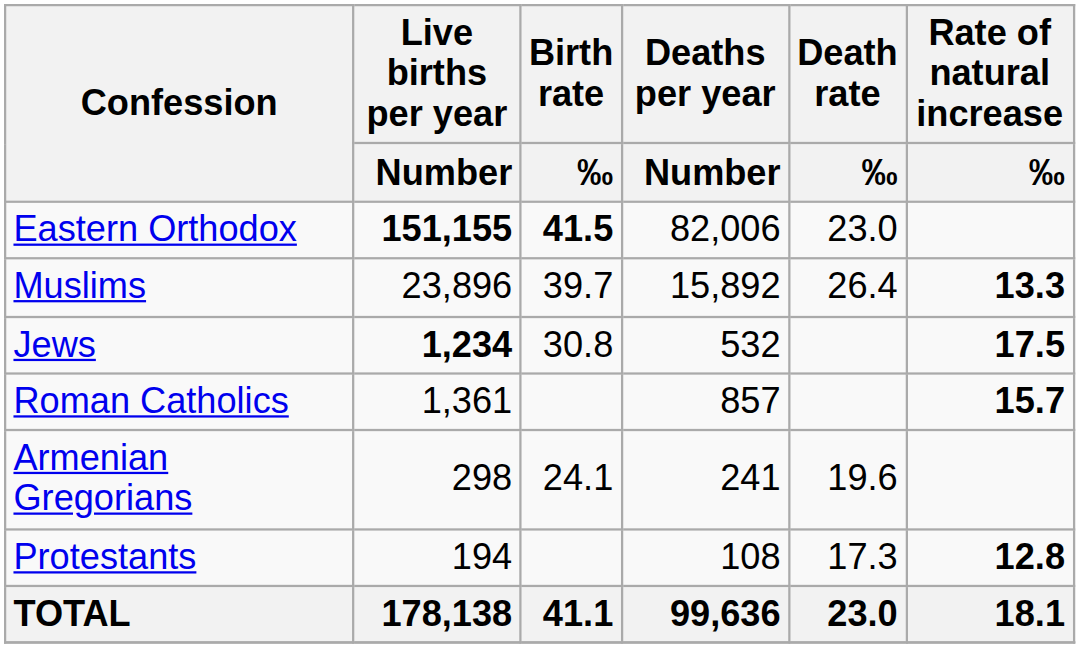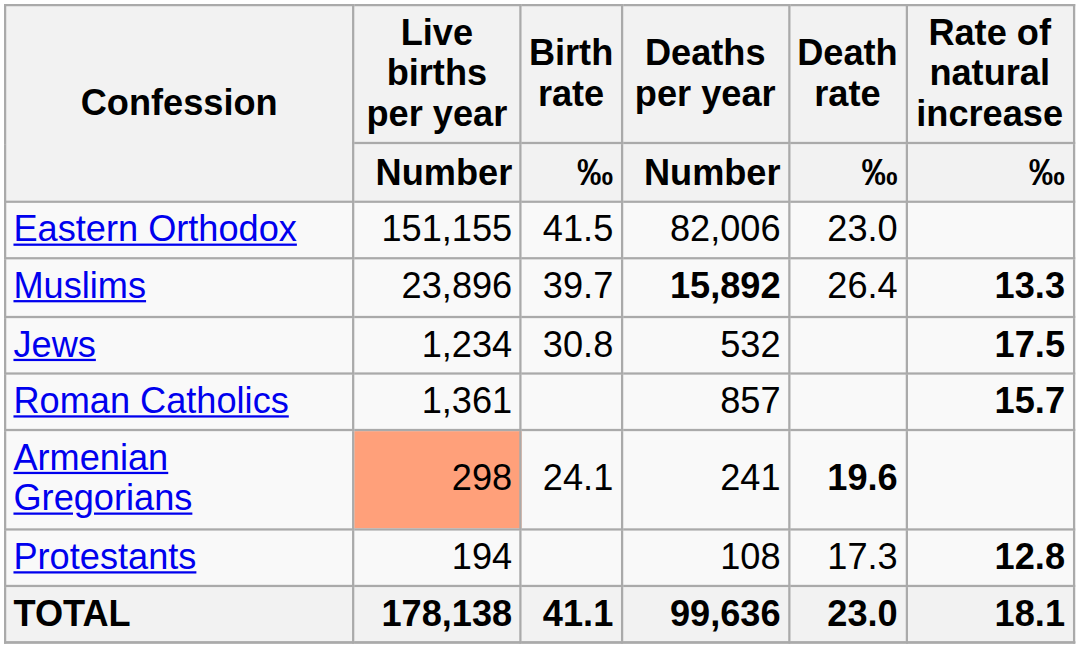 <table class="wikitable sortable static-row-numbers">
 <tr>
 <th style="width:110pt;" rowspan="2">Confession</th>
 <th style="width:50pt;"><span>Live births per year</span></th>
 <th style="width:25pt;"><span>Birth rate</span></th>
 <th style="width:50pt;"><span>Deaths per year</span></th>
 <th style="width:25pt;"><span>Death rate</span></th>
 <th style="width:50pt;"><span>Rate of natural increase</span></th>
 </tr>
 <tr class="static-row-header">
 <th style="text-align: right;"><span>Number</span></th>
 <th style="text-align: right;"><span>‰</span></th>
 <th style="text-align: right;"><span>Number</span></th>
 <th style="text-align: right;"><span>‰</span></th>
 <th style="text-align: right;"><span>‰</span></th>
 </tr>
 <tr>
 <td><a href='#'>Eastern Orthodox</a></td>
-<td style="text-align: right;"><strong><span>151,155</span></strong></td>
-<td style="text-align: right;"><strong><span>41.5</span></strong></td>
+<td style="text-align: right;"><span>151,155</span></td>
+<td style="text-align: right;"><span>41.5</span></td>
 <td style="text-align: right;"><span>82,006</span></td>
 <td style="text-align: right;"><span>23.0</span></td>
 <td style="text-align: right;"><span><strong></strong></span></td>
 </tr>
 <tr>
 <td><a href='#'>Muslims</a></td>
 <td style="text-align: right;"><span>23,896</span></td>
 <td style="text-align: right;"><span>39.7</span></td>
-<td style="text-align: right;"><span>15,892</span></td>
+<td style="text-align: right;"><strong><span>15,892</span></strong></td>
 <td style="text-align: right;"><span>26.4</span></td>
 <td style="text-align: right;"><span><strong>13.3</strong></span></td>
 </tr>
 <tr>
 <td><a href='#'>Jews</a></td>
-<td style="text-align: right;"><strong><span>1,234</span></strong></td>
+<td style="text-align: right;"><span>1,234</span></td>
 <td style="text-align: right;"><span>30.8</span></td>
 <td style="text-align: right;"><span>532</span></td>
 <td style="text-align: right;"><span><strong></strong></span></td>
 <td style="text-align: right;"><span><strong>17.5</strong></span></td>
 </tr>
 <tr>
 <td><a href='#'>Roman Catholics</a></td>
 <td style="text-align: right;"><span>1,361</span></td>
 <td style="text-align: right;"><span><strong></strong></span></td>
 <td style="text-align: right;"><span>857</span></td>
 <td style="text-align: right;"><span><strong></strong></span></td>
 <td style="text-align: right;"><span><strong>15.7</strong></span></td>
 </tr>
 <tr>
 <td><a href='#'>Armenian Gregorians</a></td>
-<td style="text-align: right;"><span>298</span></td>
+<td style="background: lightsalmon; text-align: right;"><span>298</span></td>
 <td style="text-align: right;"><span>24.1</span></td>
 <td style="text-align: right;"><span>241</span></td>
-<td style="text-align: right;"><span>19.6</span></td>
+<td style="text-align: right;"><strong><span>19.6</span></strong></td>
 <td style="text-align: right;"><span><strong></strong></span></td>
 </tr>
 <tr>
 <td><a href='#'>Protestants</a></td>
 <td style="text-align: right;"><span>194</span></td>
 <td style="text-align: right;"><span><strong></strong></span></td>
 <td style="text-align: right;"><span>108</span></td>
 <td style="text-align: right;"><span>17.3</span></td>
 <td style="text-align: right;"><span><strong>12.8</strong></span></td>
 </tr>
 <tr>
 <th style="text-align: left;">TOTAL</th>
 <th style="text-align: right;">178,138</th>
 <th style="text-align: right;">41.1</th>
 <th style="text-align: right;">99,636</th>
 <th style="text-align: right;">23.0</th>
 <th style="text-align: right;">18.1</th>
 </tr>
 <tr>
 </tr>
 </table>
